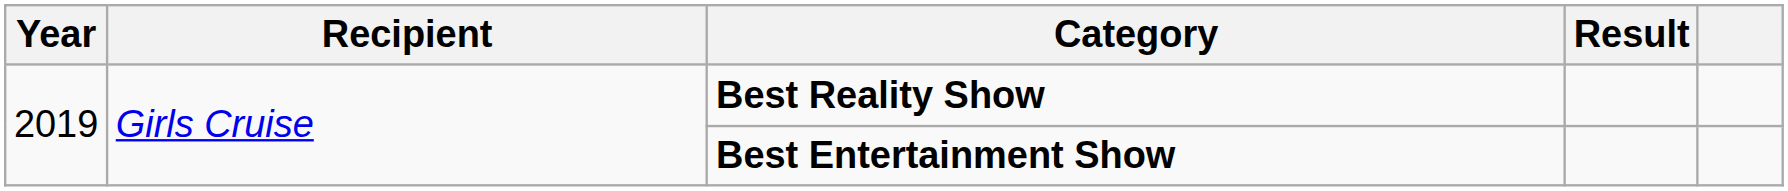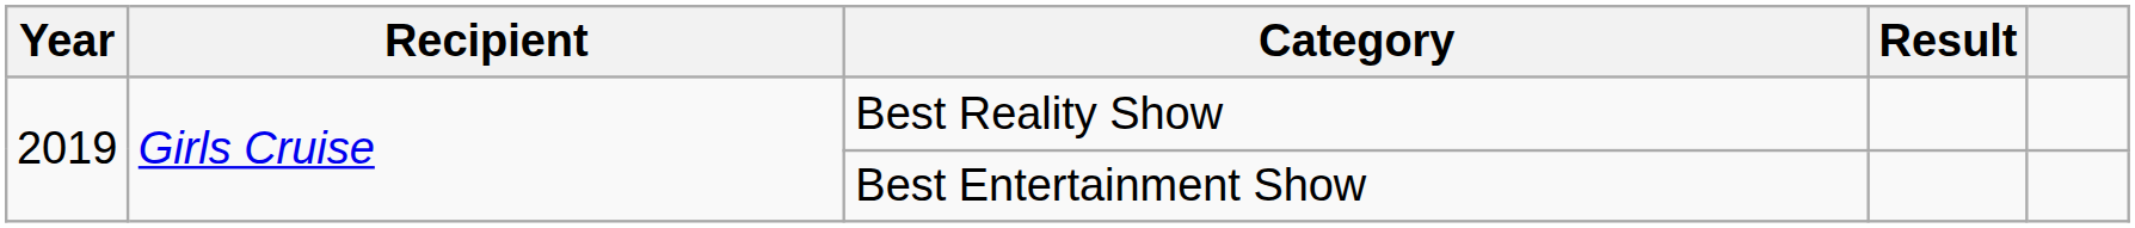 <table class="wikitable plainrowheaders" style="width:85%;">
 <tr>
 <th scope="col" style="width:4%;">Year</th>
 <th scope="col" style="width:35%;">Recipient</th>
 <th scope="col" style="width:50%;">Category</th>
 <th scope="col" style="width:6%;">Result</th>
 <th scope="col" style="width:6%;"></th>
 </tr>
 <tr>
 <td rowspan="2" align="center">2019</td>
 <td rowspan="2"><em><a href='#'>Girls Cruise</a></em></td>
-<td><strong>Best Reality Show</strong></td>
+<td>Best Reality Show</td>
 <td></td>
 <td></td>
 </tr>
 <tr>
-<td><strong>Best Entertainment Show</strong></td>
+<td>Best Entertainment Show</td>
 <td></td>
 <td></td>
 </tr>
 </table>
